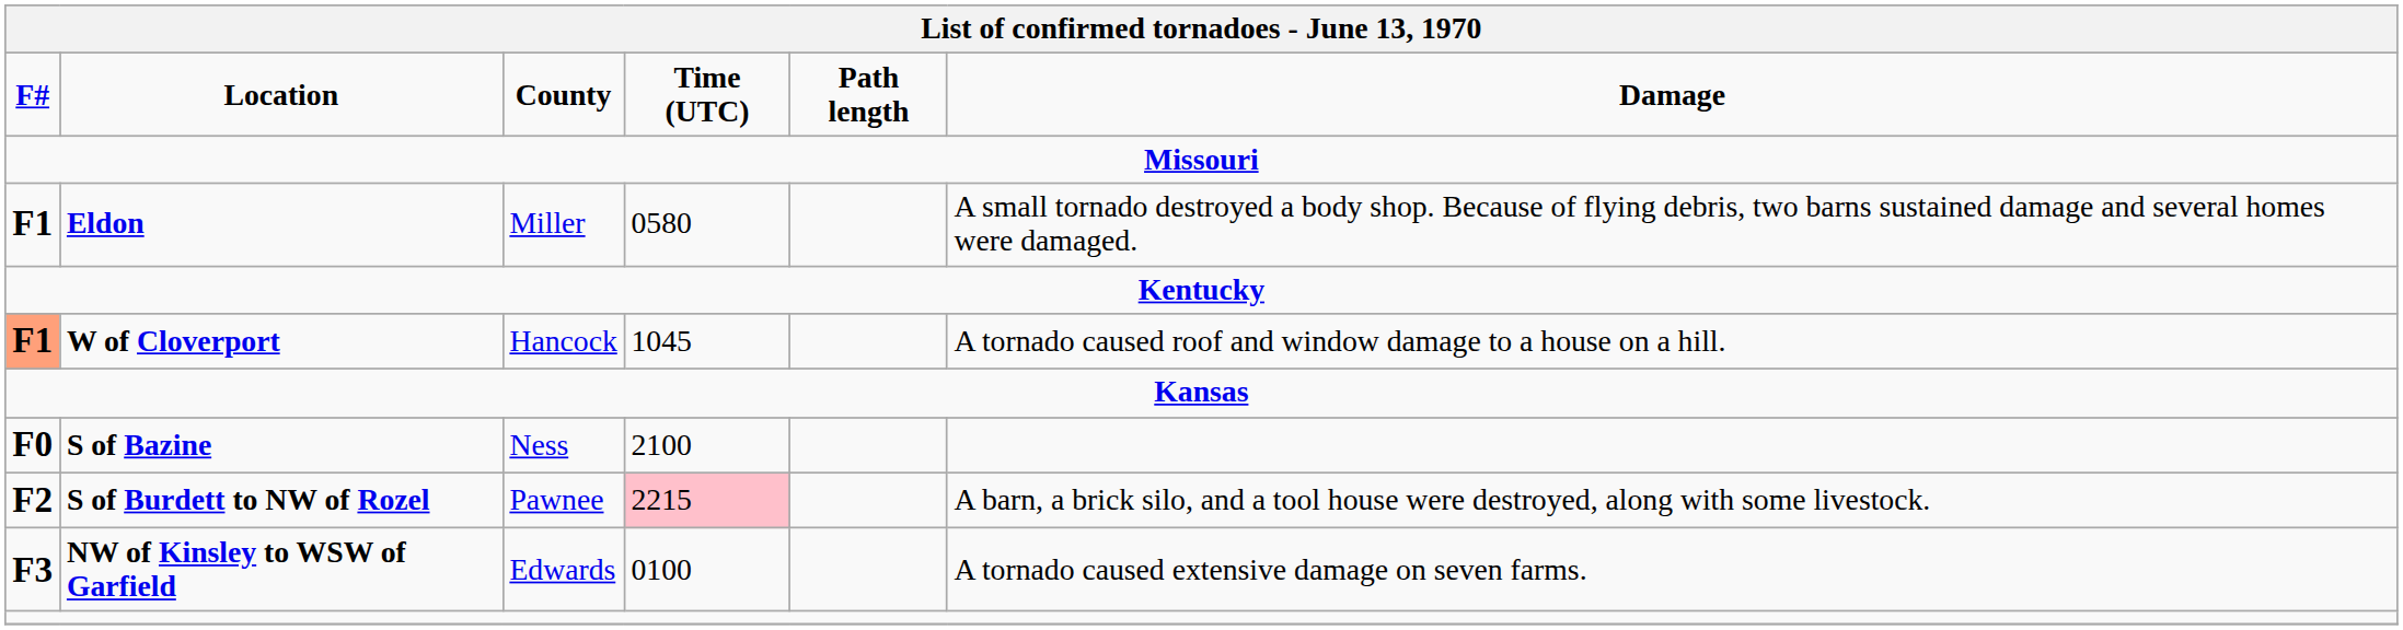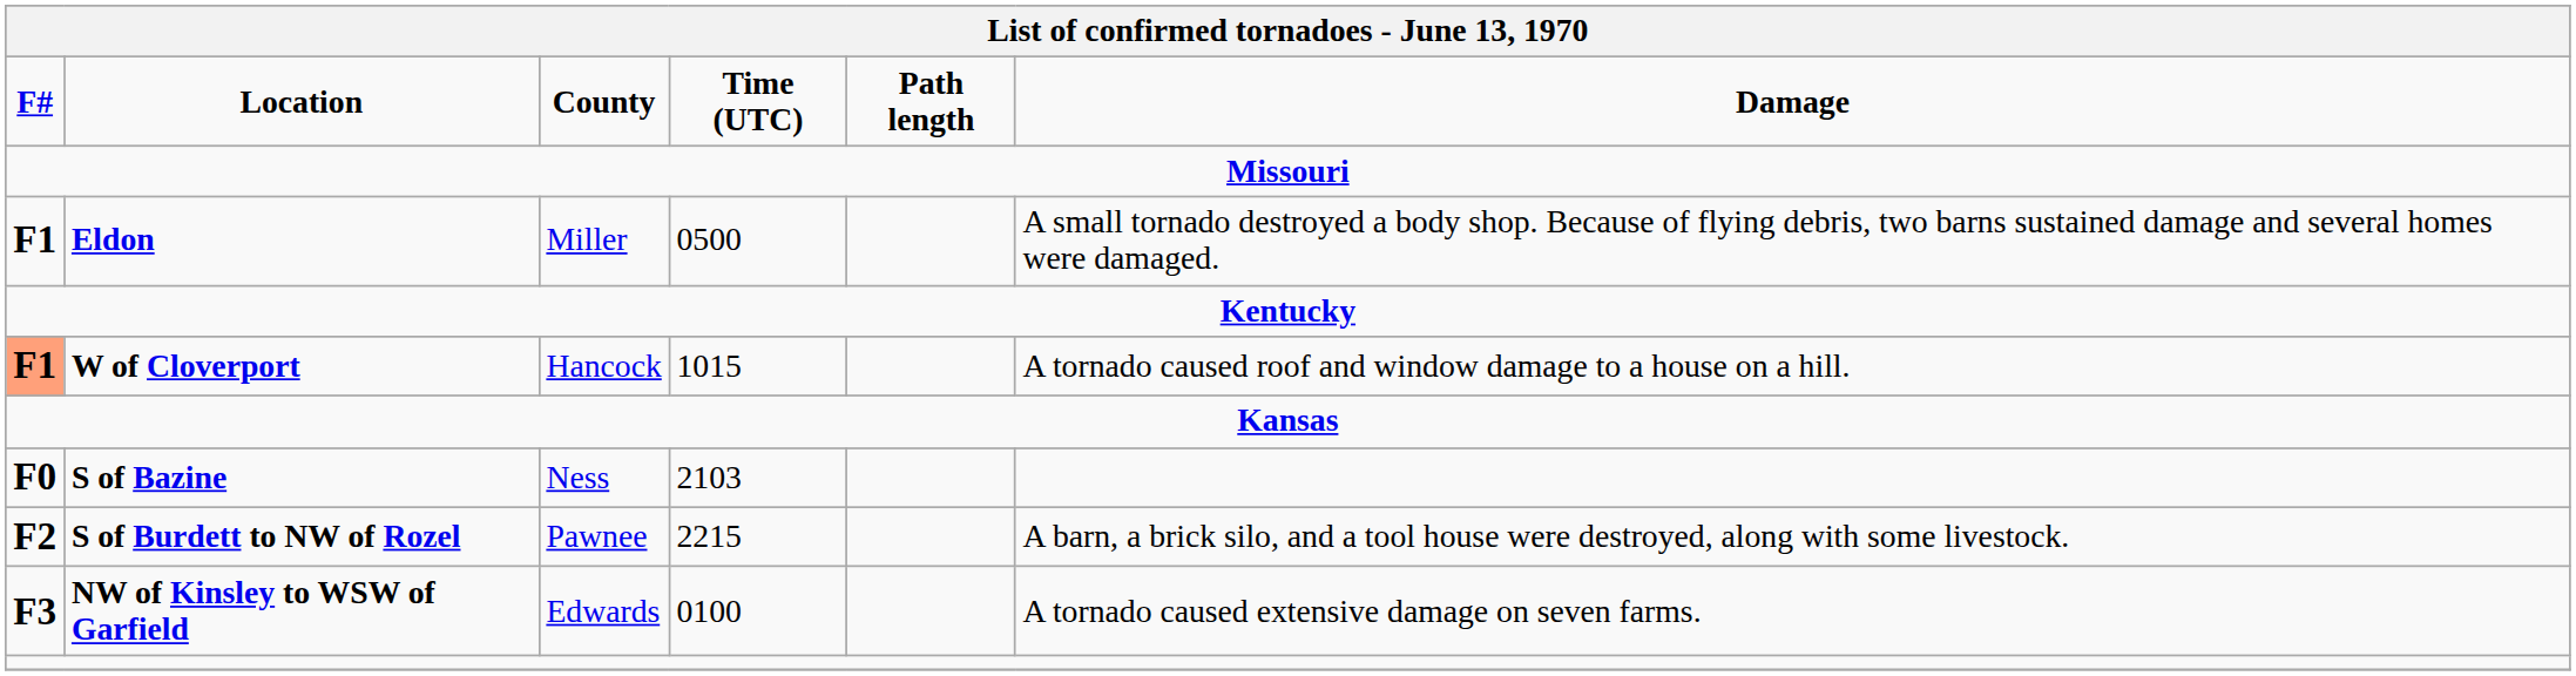 <table class="wikitable toccolours collapsible" width="100%">
 <tr>
 <th colspan="6">List of confirmed tornadoes - June 13, 1970</th>
 </tr>
 <tr style="text-align:center;">
 <td><strong><a href='#'>F#</a></strong></td>
 <td><strong>Location</strong></td>
 <td><strong>County</strong></td>
 <td><strong>Time (UTC)</strong></td>
 <td><strong>Path length</strong></td>
 <td><strong>Damage</strong></td>
 </tr>
 <tr>
 <td colspan="7" style="text-align:center;"><strong><a href='#'>Missouri</a></strong></td>
 </tr>
 <tr>
 <td><big><strong>F1</strong></big></td>
 <td><strong><a href='#'>Eldon</a></strong></td>
 <td><a href='#'>Miller</a></td>
-<td>0580</td>
+<td>0500</td>
 <td></td>
 <td>A small tornado destroyed a body shop. Because of flying debris, two barns sustained damage and several homes were damaged.</td>
 </tr>
 <tr>
 <td colspan="7" align="center"><strong><a href='#'>Kentucky</a></strong></td>
 </tr>
 <tr>
 <td style="background: lightsalmon;"><big><strong>F1</strong></big></td>
 <td><strong>W of <a href='#'>Cloverport</a></strong></td>
 <td><a href='#'>Hancock</a></td>
-<td>1045</td>
+<td>1015</td>
 <td></td>
 <td>A tornado caused roof and window damage to a house on a hill.</td>
 </tr>
 <tr>
 <td colspan="7" align="center"><strong><a href='#'>Kansas</a></strong></td>
 </tr>
 <tr>
 <td><big><strong>F0</strong></big></td>
 <td><strong>S of <a href='#'>Bazine</a></strong></td>
 <td><a href='#'>Ness</a></td>
-<td>2100</td>
+<td>2103</td>
 <td></td>
 <td></td>
 </tr>
 <tr>
 <td><big><strong>F2</strong></big></td>
 <td><strong>S of <a href='#'>Burdett</a> to NW of <a href='#'>Rozel</a></strong></td>
 <td><a href='#'>Pawnee</a></td>
-<td style="background: pink;">2215</td>
+<td>2215</td>
 <td></td>
 <td>A barn, a brick silo, and a tool house were destroyed, along with some livestock.</td>
 </tr>
 <tr>
 <td><big><strong>F3</strong></big></td>
 <td><strong>NW of <a href='#'>Kinsley</a> to WSW of <a href='#'>Garfield</a></strong></td>
 <td><a href='#'>Edwards</a></td>
 <td>0100</td>
 <td></td>
 <td>A tornado caused extensive damage on seven farms.</td>
 </tr>
 <tr>
 <td colspan="7" align="center"><small></small></td>
 </tr>
 <tr>
 </tr>
 </table>
